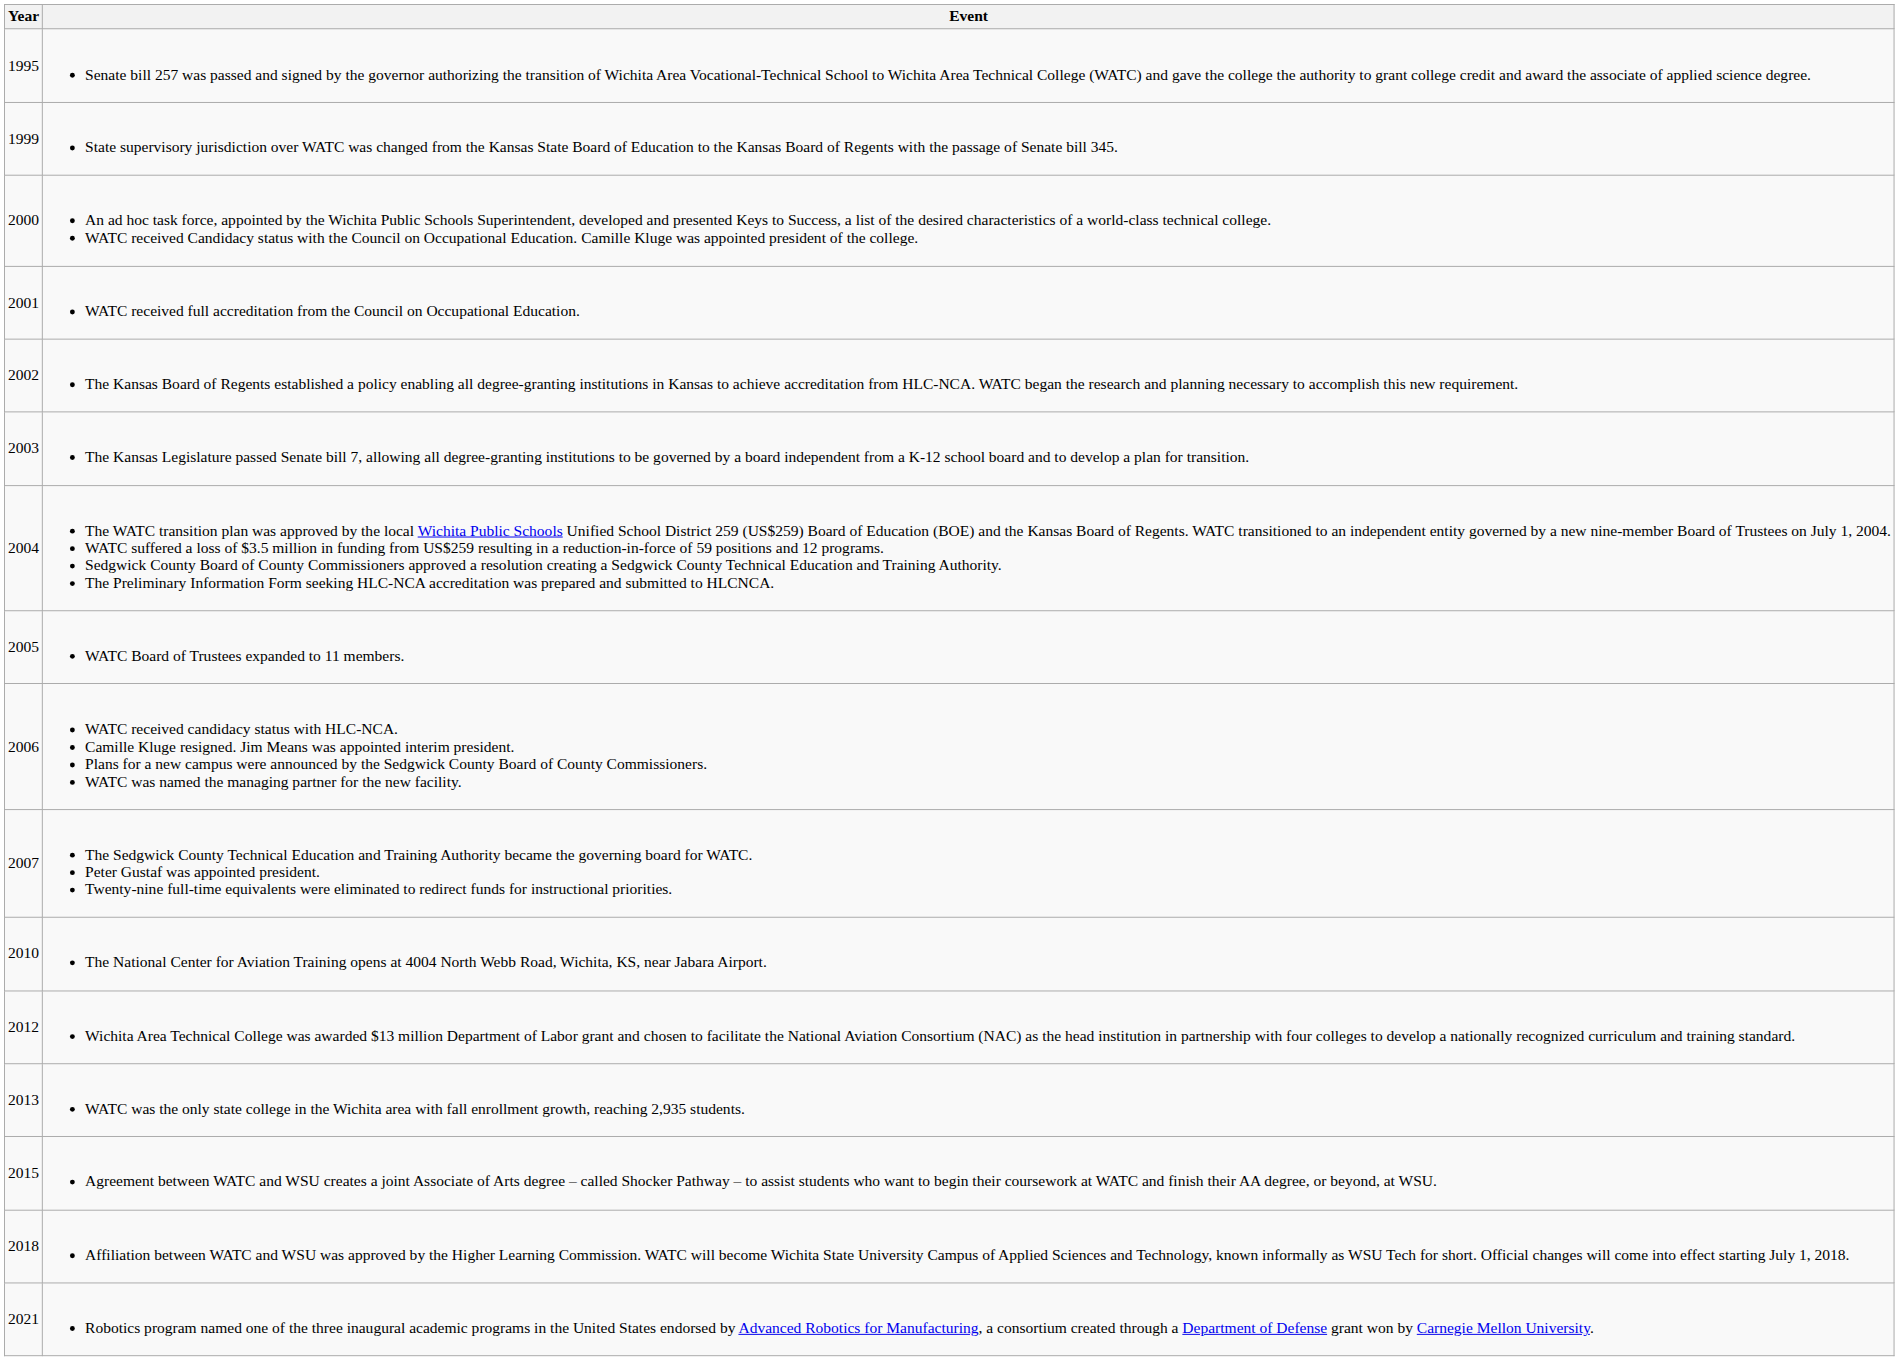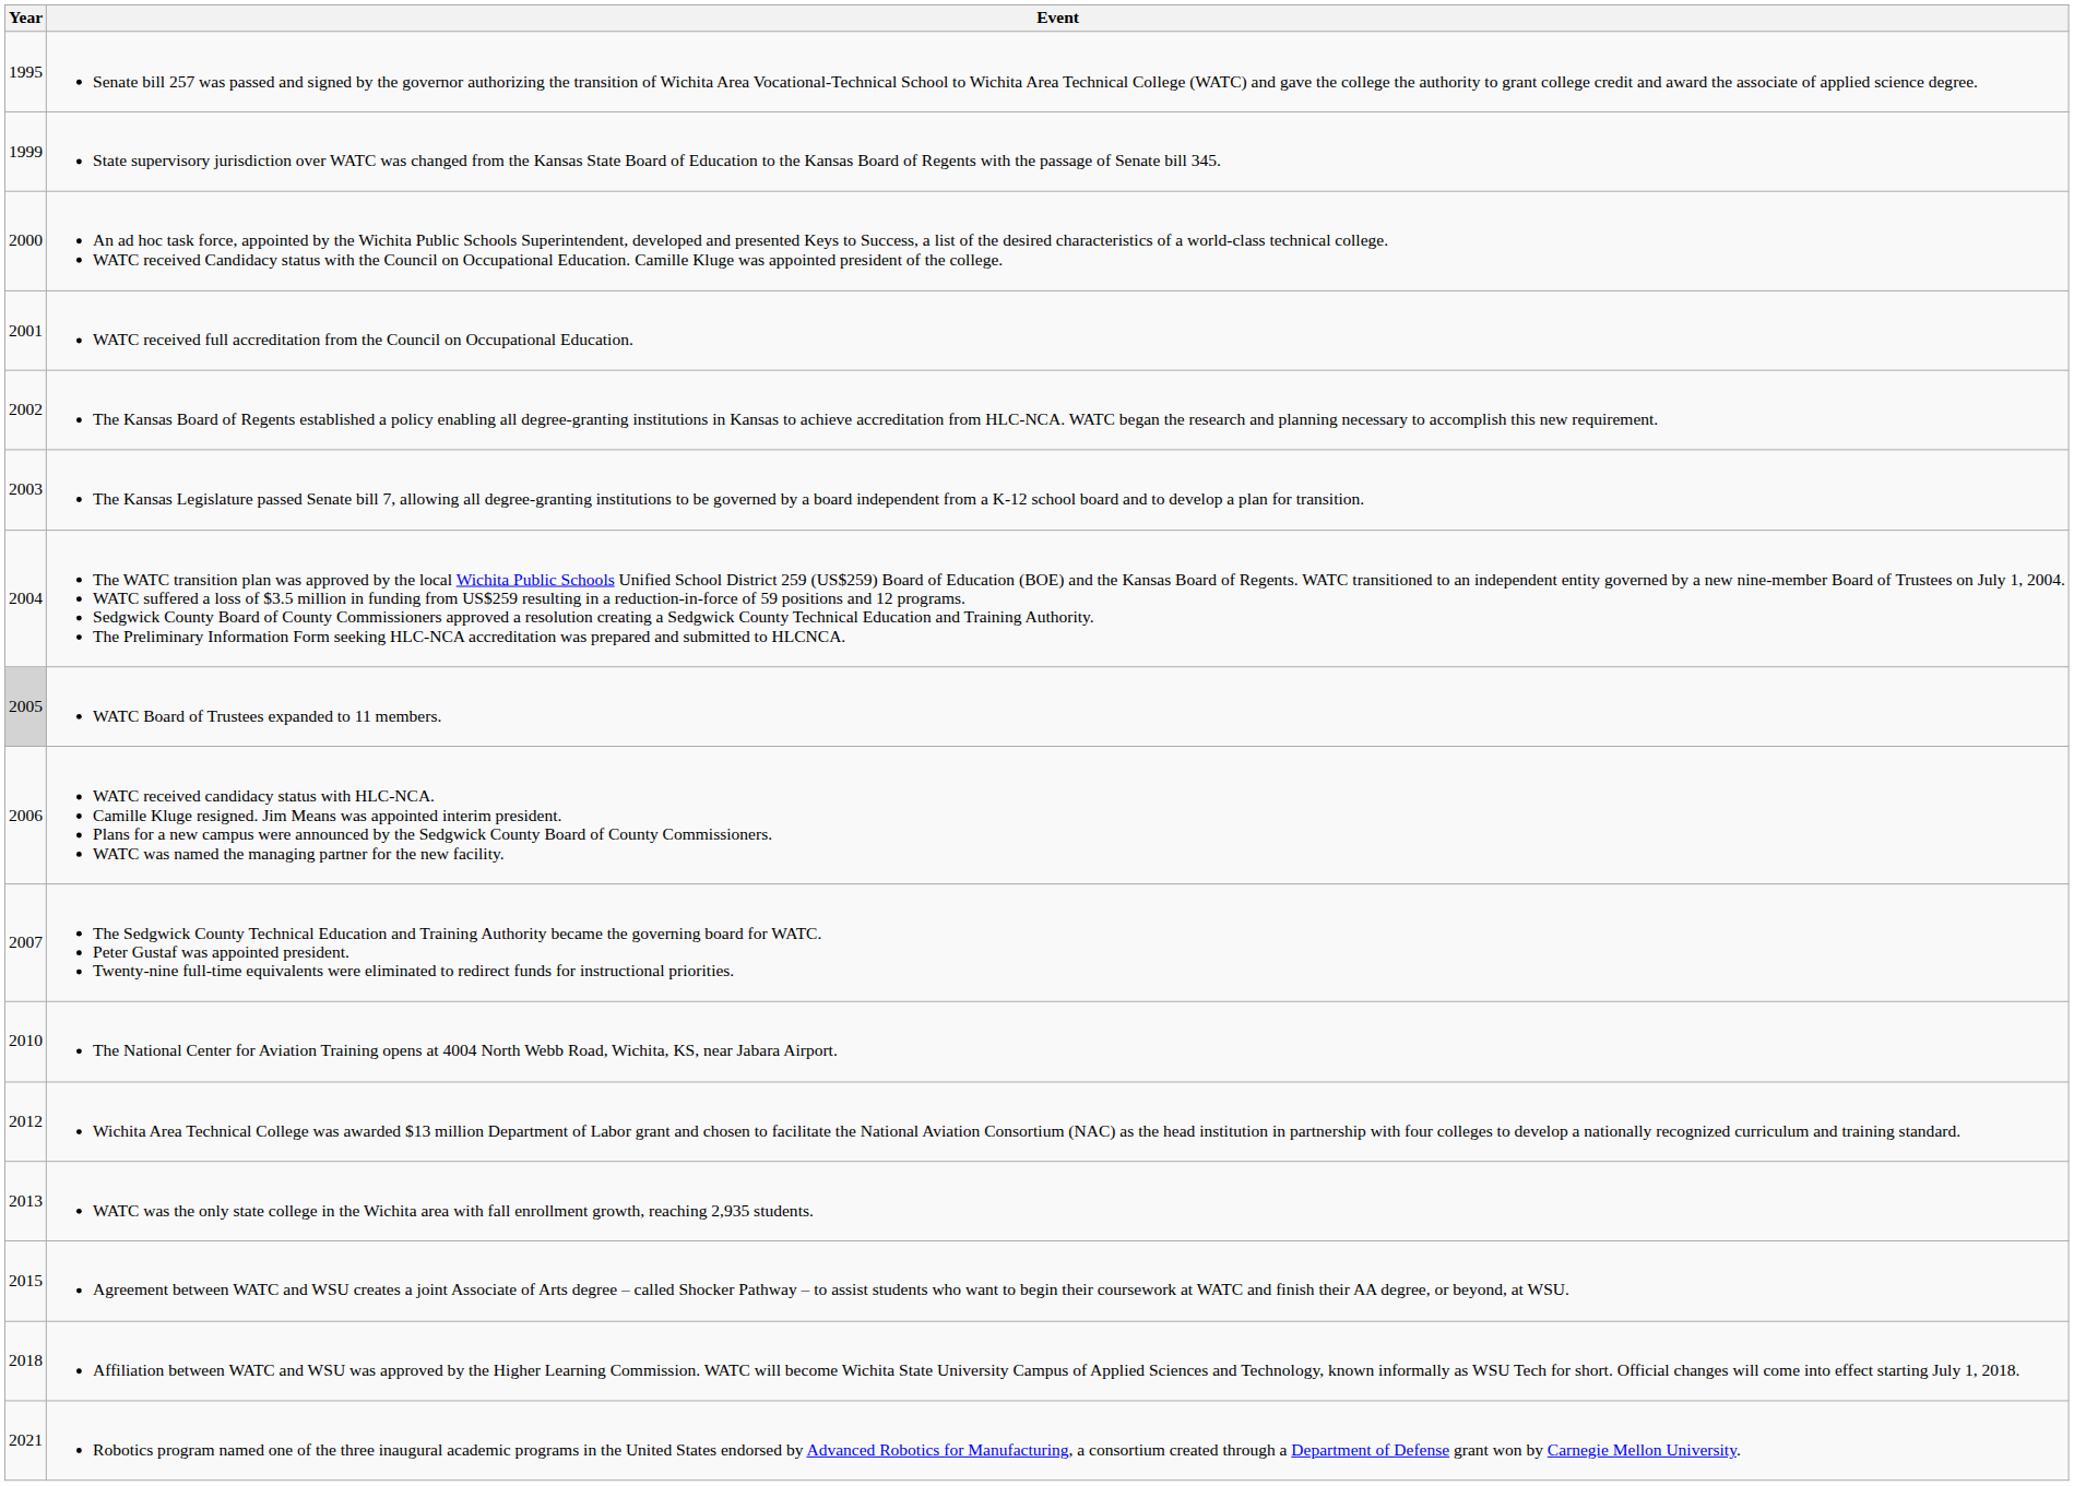 <table class="wikitable">
 <tr>
 <th><strong>Year</strong></th>
 <th><strong>Event</strong></th>
 </tr>
 <tr>
 <td>1995</td>
 <td><br><ul><li>Senate bill 257 was passed and signed by the governor authorizing the transition of Wichita Area Vocational-Technical School to Wichita Area Technical College (WATC) and gave the college the authority to grant college credit and award the associate of applied science degree.</li></ul></td>
 </tr>
 <tr>
 <td>1999</td>
 <td><br><ul><li>State supervisory jurisdiction over WATC was changed from the Kansas State Board of Education to the Kansas Board of Regents with the passage of Senate bill 345.</li></ul></td>
 </tr>
 <tr>
 <td>2000</td>
 <td><br><ul><li>An ad hoc task force, appointed by the Wichita Public Schools Superintendent, developed and presented Keys to Success, a list of the desired characteristics of a world-class technical college.</li><li>WATC received Candidacy status with the Council on Occupational Education. Camille Kluge was appointed president of the college.</li></ul></td>
 </tr>
 <tr>
 <td>2001</td>
 <td><br><ul><li>WATC received full accreditation from the Council on Occupational Education.</li></ul></td>
 </tr>
 <tr>
 <td>2002</td>
 <td><br><ul><li>The Kansas Board of Regents established a policy enabling all degree-granting institutions in Kansas to achieve accreditation from HLC-NCA. WATC began the research and planning necessary to accomplish this new requirement.</li></ul></td>
 </tr>
 <tr>
 <td>2003</td>
 <td><br><ul><li>The Kansas Legislature passed Senate bill 7, allowing all degree-granting institutions to be governed by a board independent from a K-12 school board and to develop a plan for transition.</li></ul></td>
 </tr>
 <tr>
 <td>2004</td>
 <td><br><ul><li>The WATC transition plan was approved by the local <a href='#'>Wichita Public Schools</a> Unified School District 259 (US$259) Board of Education (BOE) and the Kansas Board of Regents. WATC transitioned to an independent entity governed by a new nine-member Board of Trustees on July 1, 2004.</li><li>WATC suffered a loss of $3.5 million in funding from US$259 resulting in a reduction-in-force of 59 positions and 12 programs.</li><li>Sedgwick County Board of County Commissioners approved a resolution creating a Sedgwick County Technical Education and Training Authority.</li><li>The Preliminary Information Form seeking HLC-NCA accreditation was prepared and submitted to HLCNCA.</li></ul></td>
 </tr>
 <tr>
-<td>2005</td>
+<td style="background: lightgrey;">2005</td>
 <td><br><ul><li>WATC Board of Trustees expanded to 11 members.</li></ul></td>
 </tr>
 <tr>
 <td>2006</td>
 <td><br><ul><li>WATC received candidacy status with HLC-NCA.</li><li>Camille Kluge resigned. Jim Means was appointed interim president.</li><li>Plans for a new campus were announced by the Sedgwick County Board of County Commissioners.</li><li>WATC was named the managing partner for the new facility.</li></ul></td>
 </tr>
 <tr>
 <td>2007</td>
 <td><br><ul><li>The Sedgwick County Technical Education and Training Authority became the governing board for WATC.</li><li>Peter Gustaf was appointed president.</li><li>Twenty-nine full-time equivalents were eliminated to redirect funds for instructional priorities.</li></ul></td>
 </tr>
 <tr>
 <td>2010</td>
 <td><br><ul><li>The National Center for Aviation Training opens at 4004 North Webb Road, Wichita, KS, near Jabara Airport.</li></ul></td>
 </tr>
 <tr>
 <td>2012</td>
 <td><br><ul><li>Wichita Area Technical College was awarded $13 million Department of Labor grant and chosen to facilitate the National Aviation Consortium (NAC) as the head institution in partnership with four colleges to develop a nationally recognized curriculum and training standard.</li></ul></td>
 </tr>
 <tr>
 <td>2013</td>
 <td><br><ul><li>WATC was the only state college in the Wichita area with fall enrollment growth, reaching 2,935 students.</li></ul></td>
 </tr>
 <tr>
 <td>2015</td>
 <td><br><ul><li>Agreement between WATC and WSU creates a joint Associate of Arts degree – called Shocker Pathway – to assist students who want to begin their coursework at WATC and finish their AA degree, or beyond, at WSU.</li></ul></td>
 </tr>
 <tr>
 <td>2018</td>
 <td><br><ul><li>Affiliation between WATC and WSU was approved by the Higher Learning Commission. WATC will become Wichita State University Campus of Applied Sciences and Technology, known informally as WSU Tech for short. Official changes will come into effect starting July 1, 2018.</li></ul></td>
 </tr>
 <tr>
 <td>2021</td>
 <td><br><ul><li>Robotics program named one of the three inaugural academic programs in the United States endorsed by <a href='#'>Advanced Robotics for Manufacturing</a>, a consortium created through a <a href='#'>Department of Defense</a> grant won by <a href='#'>Carnegie Mellon University</a>.</li></ul></td>
 </tr>
 </table>
